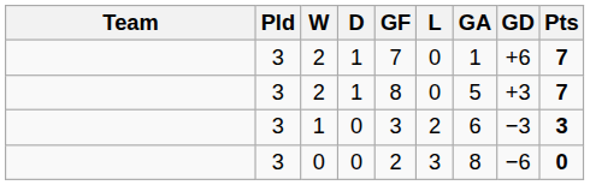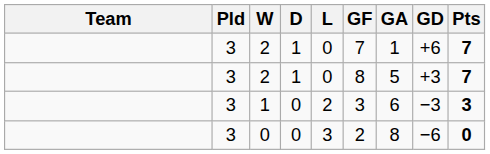 <table class="wikitable" style="text-align: center;">
 <tr>
 <th width=175>Team</th>
 <th width=20>Pld</th>
 <th width=20>W</th>
 <th width=20>D</th>
+<th width=20>L</th>
 <th width=20>GF</th>
-<th width=20>L</th>
 <th width=20>GA</th>
 <th width=20>GD</th>
 <th width=20>Pts</th>
 </tr>
 <tr>
 <td style="text-align:left;"></td>
 <td>3</td>
 <td>2</td>
 <td>1</td>
+<td>0</td>
 <td>7</td>
-<td>0</td>
 <td>1</td>
 <td>+6</td>
 <td><strong>7</strong></td>
 </tr>
 <tr>
 <td style="text-align:left;"></td>
 <td>3</td>
 <td>2</td>
 <td>1</td>
+<td>0</td>
 <td>8</td>
-<td>0</td>
 <td>5</td>
 <td>+3</td>
 <td><strong>7</strong></td>
 </tr>
 <tr>
 <td style="text-align:left;"></td>
 <td>3</td>
 <td>1</td>
 <td>0</td>
+<td>2</td>
 <td>3</td>
-<td>2</td>
 <td>6</td>
 <td>−3</td>
 <td><strong>3</strong></td>
 </tr>
 <tr>
 <td style="text-align:left;"></td>
 <td>3</td>
 <td>0</td>
 <td>0</td>
+<td>3</td>
 <td>2</td>
-<td>3</td>
 <td>8</td>
 <td>−6</td>
 <td><strong>0</strong></td>
 </tr>
 </table>
